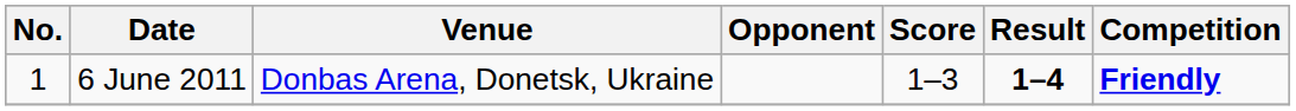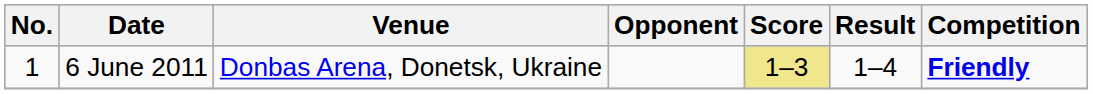 <table class="wikitable">
 <tr>
 <th>No.</th>
 <th>Date</th>
 <th>Venue</th>
 <th>Opponent</th>
 <th>Score</th>
 <th>Result</th>
 <th>Competition</th>
 </tr>
 <tr>
 <td align=center>1</td>
 <td>6 June 2011</td>
 <td><a href='#'>Donbas Arena</a>, Donetsk, Ukraine</td>
 <td></td>
-<td align=center>1–3</td>
-<td align=center><strong>1–4</strong></td>
+<td align=center style="background: khaki;">1–3</td>
+<td align=center>1–4</td>
 <td><strong><a href='#'>Friendly</a></strong></td>
 </tr>
 <tr>
 </tr>
 </table>
